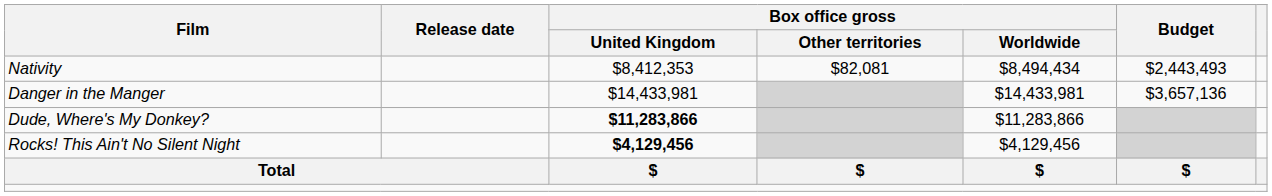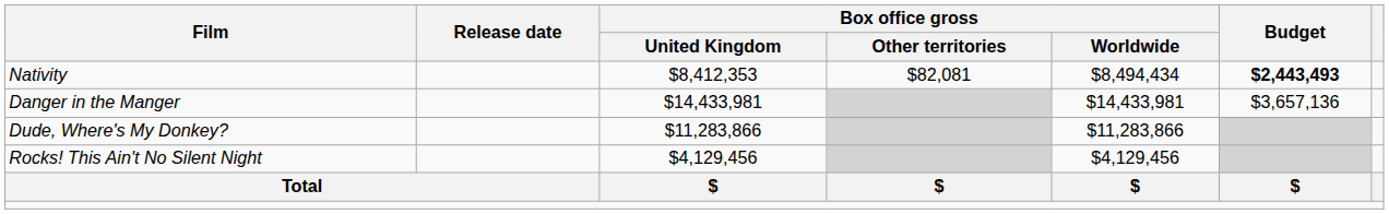 <table class="wikitable sortable" width=99% border="1" style="text-align: center;">
 <tr>
 <th rowspan="2">Film</th>
 <th rowspan="2">Release date</th>
 <th colspan="3">Box office gross</th>
 <th rowspan="2">Budget</th>
 <th rowspan="2"></th>
 </tr>
 <tr>
 <th>United Kingdom</th>
 <th>Other territories</th>
 <th>Worldwide</th>
 </tr>
 <tr>
 <td style="text-align: left;"><em>Nativity</em></td>
 <td></td>
 <td>$8,412,353</td>
 <td>$82,081</td>
 <td>$8,494,434</td>
-<td>$2,443,493</td>
+<td><strong>$2,443,493</strong></td>
 <td></td>
 </tr>
 <tr>
 <td style="text-align: left;"><em>Danger in the Manger</em></td>
 <td></td>
 <td>$14,433,981</td>
 <td style="background:#d3d3d3;"></td>
 <td>$14,433,981</td>
 <td>$3,657,136</td>
 <td></td>
 </tr>
 <tr>
 <td style="text-align: left;"><em>Dude, Where's My Donkey?</em></td>
 <td></td>
-<td><strong>$11,283,866</strong></td>
+<td>$11,283,866</td>
 <td style="background:#d3d3d3;"></td>
 <td>$11,283,866</td>
 <td style="background:#d3d3d3;"></td>
 <td></td>
 </tr>
 <tr>
 <td style="text-align: left;"><em>Rocks! This Ain't No Silent Night</em></td>
 <td></td>
-<td><strong>$4,129,456</strong></td>
+<td>$4,129,456</td>
 <td style="background:#d3d3d3;"></td>
 <td>$4,129,456</td>
 <td style="background:#d3d3d3;"></td>
 <td></td>
 </tr>
 <tr>
 <th colspan=2>Total</th>
 <th>$</th>
 <th>$</th>
 <th>$</th>
 <th>$</th>
 <th></th>
 </tr>
 <tr>
 <td colspan="10" style="text-align:left;"></td>
 </tr>
 </table>
